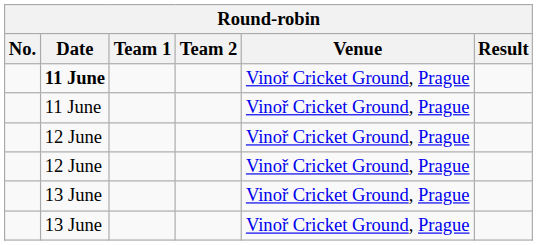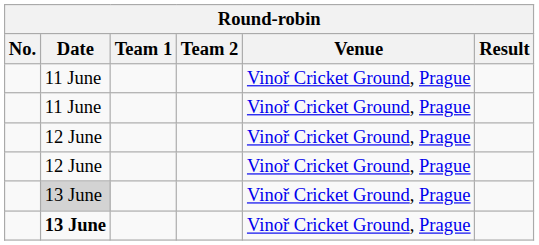 <table class="wikitable">
 <tr>
 <th colspan="6">Round-robin</th>
 </tr>
 <tr>
 <th>No.</th>
 <th>Date</th>
 <th>Team 1</th>
 <th>Team 2</th>
 <th>Venue</th>
 <th>Result</th>
 </tr>
 <tr>
 <td></td>
-<td><strong>11 June</strong></td>
+<td>11 June</td>
 <td></td>
 <td></td>
 <td><a href='#'>Vinoř Cricket Ground</a>, <a href='#'>Prague</a></td>
 <td></td>
 </tr>
 <tr>
 <td></td>
 <td>11 June</td>
 <td></td>
 <td></td>
 <td><a href='#'>Vinoř Cricket Ground</a>, <a href='#'>Prague</a></td>
 <td></td>
 </tr>
 <tr>
 <td></td>
 <td>12 June</td>
 <td></td>
 <td></td>
 <td><a href='#'>Vinoř Cricket Ground</a>, <a href='#'>Prague</a></td>
 <td></td>
 </tr>
 <tr>
 <td></td>
 <td>12 June</td>
 <td></td>
 <td></td>
 <td><a href='#'>Vinoř Cricket Ground</a>, <a href='#'>Prague</a></td>
 <td></td>
 </tr>
 <tr>
 <td></td>
-<td>13 June</td>
+<td style="background: lightgrey;">13 June</td>
 <td></td>
 <td></td>
 <td><a href='#'>Vinoř Cricket Ground</a>, <a href='#'>Prague</a></td>
 <td></td>
 </tr>
 <tr>
 <td></td>
-<td>13 June</td>
+<td><strong>13 June</strong></td>
 <td></td>
 <td></td>
 <td><a href='#'>Vinoř Cricket Ground</a>, <a href='#'>Prague</a></td>
 <td></td>
 </tr>
 </table>
